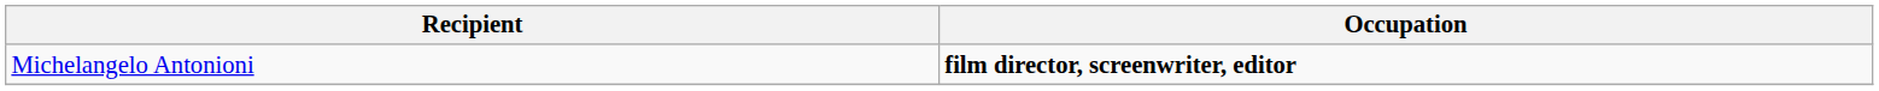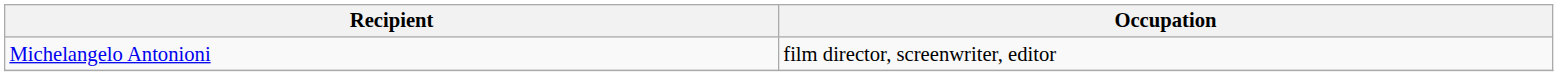 <table class="wikitable" width="95%" cellpadding="5">
 <tr>
 <th width="25%">Recipient</th>
 <th width="25%">Occupation</th>
 </tr>
 <tr>
 <td> <a href='#'>Michelangelo Antonioni</a></td>
-<td><strong>film director, screenwriter, editor</strong></td>
+<td>film director, screenwriter, editor</td>
 </tr>
 <tr>
 </tr>
 </table>
